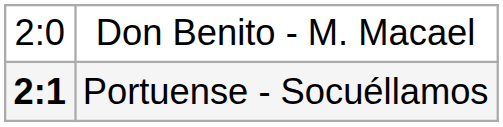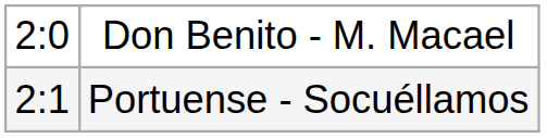 <table class="wikitable">
 <tr align=center bgcolor=white>
 <td>2:0</td>
 <td>Don Benito - M. Macael</td>
 </tr>
 <tr align=center bgcolor=#F5F5F5>
-<td><strong>2:1</strong></td>
+<td>2:1</td>
 <td>Portuense - Socuéllamos</td>
 </tr>
 </table>
